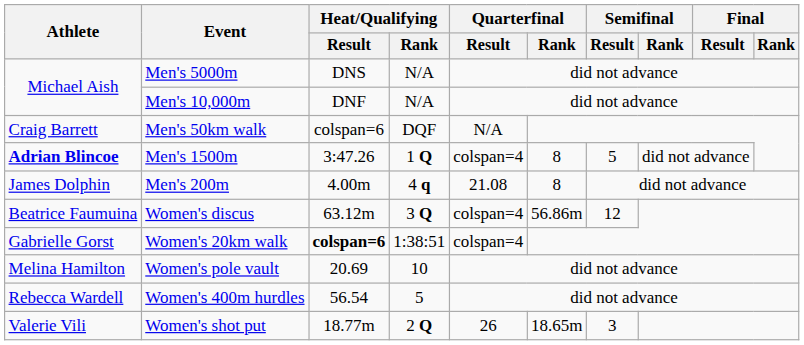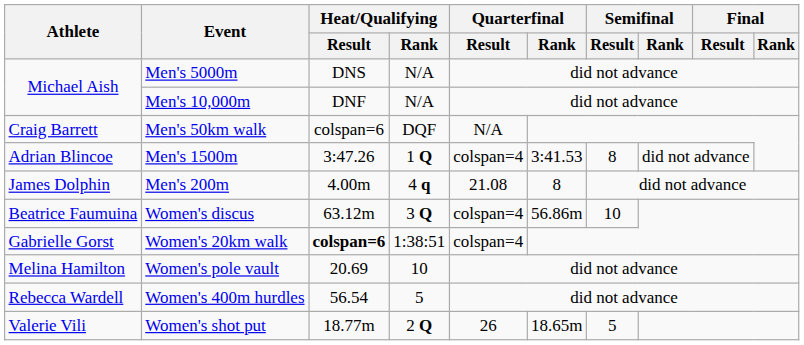 <table class=wikitable style=font-size:90%;text-align:center>
 <tr>
 <th rowspan=2>Athlete</th>
 <th rowspan=2>Event</th>
 <th colspan=2>Heat/Qualifying</th>
 <th colspan=2>Quarterfinal</th>
 <th colspan=2>Semifinal</th>
 <th colspan=2>Final</th>
 </tr>
 <tr style=font-size:95%>
 <th>Result</th>
 <th>Rank</th>
 <th>Result</th>
 <th>Rank</th>
 <th>Result</th>
 <th>Rank</th>
 <th>Result</th>
 <th>Rank</th>
 </tr>
 <tr>
 <td rowspan=2><a href='#'>Michael Aish</a></td>
 <td align=left><a href='#'>Men's 5000m</a></td>
 <td>DNS</td>
 <td>N/A</td>
 <td colspan=6>did not advance</td>
 </tr>
 <tr>
 <td align=left><a href='#'>Men's 10,000m</a></td>
 <td>DNF</td>
 <td>N/A</td>
 <td colspan=6>did not advance</td>
 </tr>
 <tr>
 <td align=left><a href='#'>Craig Barrett</a></td>
 <td align=left><a href='#'>Men's 50km walk</a></td>
 <td>colspan=6 </td>
 <td>DQF</td>
 <td>N/A</td>
 </tr>
 <tr>
-<td align=left><strong><a href='#'>Adrian Blincoe</a></strong></td>
+<td align=left><a href='#'>Adrian Blincoe</a></td>
 <td align=left><a href='#'>Men's 1500m</a></td>
 <td>3:47.26</td>
 <td>1 <strong>Q</strong></td>
 <td>colspan=4 </td>
+<td>3:41.53</td>
 <td>8</td>
-<td>5</td>
 <td colspan=2>did not advance</td>
 </tr>
 <tr>
 <td align=left><a href='#'>James Dolphin</a></td>
 <td align=left><a href='#'>Men's 200m</a></td>
 <td>4.00m</td>
 <td>4 <strong>q</strong></td>
 <td>21.08</td>
 <td>8</td>
 <td colspan=4>did not advance</td>
 </tr>
 <tr>
 <td align=left><a href='#'>Beatrice Faumuina</a></td>
 <td align=left><a href='#'>Women's discus</a></td>
 <td>63.12m</td>
 <td>3 <strong>Q</strong></td>
 <td>colspan=4 </td>
 <td>56.86m</td>
-<td>12</td>
+<td>10</td>
 </tr>
 <tr>
 <td align=left><a href='#'>Gabrielle Gorst</a></td>
 <td align=left><a href='#'>Women's 20km walk</a></td>
 <td><strong>colspan=6 </strong></td>
 <td>1:38:51</td>
 <td>colspan=4 </td>
 </tr>
 <tr>
 <td align=left><a href='#'>Melina Hamilton</a></td>
 <td align=left><a href='#'>Women's pole vault</a></td>
 <td>20.69</td>
 <td>10</td>
 <td colspan=6>did not advance</td>
 </tr>
 <tr>
 <td align=left><a href='#'>Rebecca Wardell</a></td>
 <td align=left><a href='#'>Women's 400m hurdles</a></td>
 <td>56.54</td>
 <td>5</td>
 <td colspan=6>did not advance</td>
 </tr>
 <tr>
 <td align=left><a href='#'>Valerie Vili</a></td>
 <td align=left><a href='#'>Women's shot put</a></td>
 <td>18.77m</td>
 <td>2 <strong>Q</strong></td>
 <td>26</td>
 <td>18.65m</td>
-<td>3</td>
+<td>5</td>
 </tr>
 </table>
